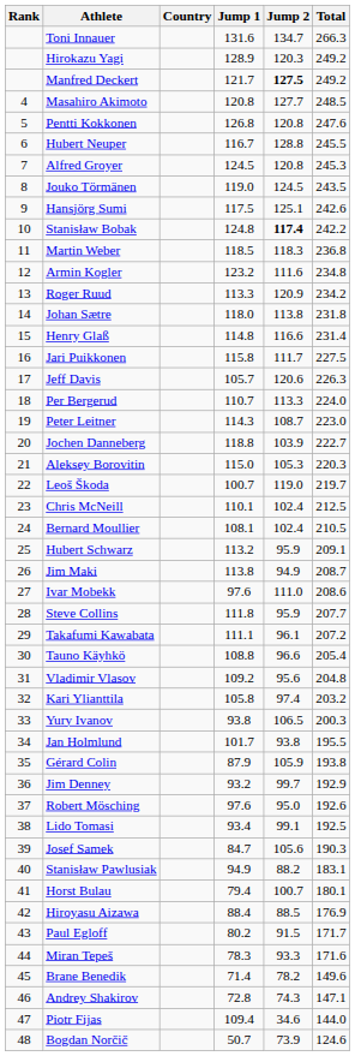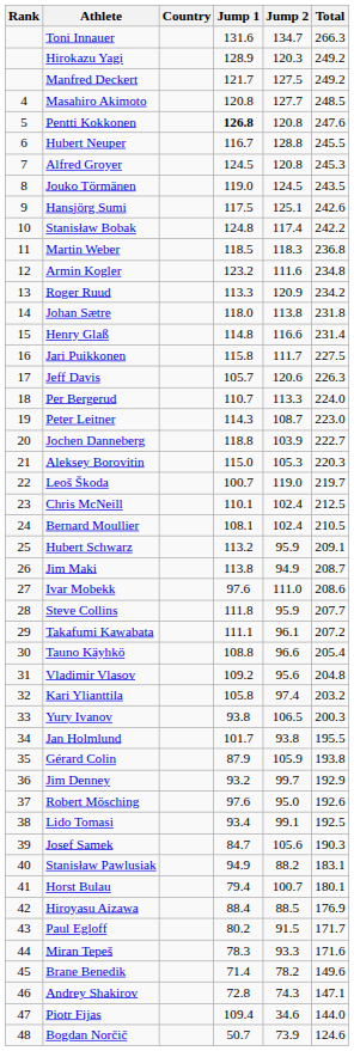 <table class="wikitable sortable" style="text-align:center">
 <tr>
 <th>Rank</th>
 <th>Athlete</th>
 <th>Country</th>
 <th>Jump 1</th>
 <th>Jump 2</th>
 <th>Total</th>
 </tr>
 <tr>
 <td></td>
 <td align=left><a href='#'>Toni Innauer</a></td>
 <td align=left></td>
 <td>131.6</td>
 <td>134.7</td>
 <td>266.3</td>
 </tr>
 <tr>
 <td></td>
 <td align=left><a href='#'>Hirokazu Yagi</a></td>
 <td align=left></td>
 <td>128.9</td>
 <td>120.3</td>
 <td>249.2</td>
 </tr>
 <tr>
 <td></td>
 <td align=left><a href='#'>Manfred Deckert</a></td>
 <td align=left></td>
 <td>121.7</td>
-<td><strong>127.5</strong></td>
+<td>127.5</td>
 <td>249.2</td>
 </tr>
 <tr>
 <td>4</td>
 <td align=left><a href='#'>Masahiro Akimoto</a></td>
 <td align=left></td>
 <td>120.8</td>
 <td>127.7</td>
 <td>248.5</td>
 </tr>
 <tr>
 <td>5</td>
 <td align=left><a href='#'>Pentti Kokkonen</a></td>
 <td align=left></td>
-<td>126.8</td>
+<td><strong>126.8</strong></td>
 <td>120.8</td>
 <td>247.6</td>
 </tr>
 <tr>
 <td>6</td>
 <td align=left><a href='#'>Hubert Neuper</a></td>
 <td align=left></td>
 <td>116.7</td>
 <td>128.8</td>
 <td>245.5</td>
 </tr>
 <tr>
 <td>7</td>
 <td align=left><a href='#'>Alfred Groyer</a></td>
 <td align=left></td>
 <td>124.5</td>
 <td>120.8</td>
 <td>245.3</td>
 </tr>
 <tr>
 <td>8</td>
 <td align=left><a href='#'>Jouko Törmänen</a></td>
 <td align=left></td>
 <td>119.0</td>
 <td>124.5</td>
 <td>243.5</td>
 </tr>
 <tr>
 <td>9</td>
 <td align=left><a href='#'>Hansjörg Sumi</a></td>
 <td align=left></td>
 <td>117.5</td>
 <td>125.1</td>
 <td>242.6</td>
 </tr>
 <tr>
 <td>10</td>
 <td align=left><a href='#'>Stanisław Bobak</a></td>
 <td align=left></td>
 <td>124.8</td>
-<td><strong>117.4</strong></td>
+<td>117.4</td>
 <td>242.2</td>
 </tr>
 <tr>
 <td>11</td>
 <td align=left><a href='#'>Martin Weber</a></td>
 <td align=left></td>
 <td>118.5</td>
 <td>118.3</td>
 <td>236.8</td>
 </tr>
 <tr>
 <td>12</td>
 <td align=left><a href='#'>Armin Kogler</a></td>
 <td align=left></td>
 <td>123.2</td>
 <td>111.6</td>
 <td>234.8</td>
 </tr>
 <tr>
 <td>13</td>
 <td align=left><a href='#'>Roger Ruud</a></td>
 <td align=left></td>
 <td>113.3</td>
 <td>120.9</td>
 <td>234.2</td>
 </tr>
 <tr>
 <td>14</td>
 <td align=left><a href='#'>Johan Sætre</a></td>
 <td align=left></td>
 <td>118.0</td>
 <td>113.8</td>
 <td>231.8</td>
 </tr>
 <tr>
 <td>15</td>
 <td align=left><a href='#'>Henry Glaß</a></td>
 <td align=left></td>
 <td>114.8</td>
 <td>116.6</td>
 <td>231.4</td>
 </tr>
 <tr>
 <td>16</td>
 <td align=left><a href='#'>Jari Puikkonen</a></td>
 <td align=left></td>
 <td>115.8</td>
 <td>111.7</td>
 <td>227.5</td>
 </tr>
 <tr>
 <td>17</td>
 <td align=left><a href='#'>Jeff Davis</a></td>
 <td align=left></td>
 <td>105.7</td>
 <td>120.6</td>
 <td>226.3</td>
 </tr>
 <tr>
 <td>18</td>
 <td align=left><a href='#'>Per Bergerud</a></td>
 <td align=left></td>
 <td>110.7</td>
 <td>113.3</td>
 <td>224.0</td>
 </tr>
 <tr>
 <td>19</td>
 <td align=left><a href='#'>Peter Leitner</a></td>
 <td align=left></td>
 <td>114.3</td>
 <td>108.7</td>
 <td>223.0</td>
 </tr>
 <tr>
 <td>20</td>
 <td align=left><a href='#'>Jochen Danneberg</a></td>
 <td align=left></td>
 <td>118.8</td>
 <td>103.9</td>
 <td>222.7</td>
 </tr>
 <tr>
 <td>21</td>
 <td align=left><a href='#'>Aleksey Borovitin</a></td>
 <td align=left></td>
 <td>115.0</td>
 <td>105.3</td>
 <td>220.3</td>
 </tr>
 <tr>
 <td>22</td>
 <td align=left><a href='#'>Leoš Škoda</a></td>
 <td align=left></td>
 <td>100.7</td>
 <td>119.0</td>
 <td>219.7</td>
 </tr>
 <tr>
 <td>23</td>
 <td align=left><a href='#'>Chris McNeill</a></td>
 <td align=left></td>
 <td>110.1</td>
 <td>102.4</td>
 <td>212.5</td>
 </tr>
 <tr>
 <td>24</td>
 <td align=left><a href='#'>Bernard Moullier</a></td>
 <td align=left></td>
 <td>108.1</td>
 <td>102.4</td>
 <td>210.5</td>
 </tr>
 <tr>
 <td>25</td>
 <td align=left><a href='#'>Hubert Schwarz</a></td>
 <td align=left></td>
 <td>113.2</td>
 <td>95.9</td>
 <td>209.1</td>
 </tr>
 <tr>
 <td>26</td>
 <td align=left><a href='#'>Jim Maki</a></td>
 <td align=left></td>
 <td>113.8</td>
 <td>94.9</td>
 <td>208.7</td>
 </tr>
 <tr>
 <td>27</td>
 <td align=left><a href='#'>Ivar Mobekk</a></td>
 <td align=left></td>
 <td>97.6</td>
 <td>111.0</td>
 <td>208.6</td>
 </tr>
 <tr>
 <td>28</td>
 <td align=left><a href='#'>Steve Collins</a></td>
 <td align=left></td>
 <td>111.8</td>
 <td>95.9</td>
 <td>207.7</td>
 </tr>
 <tr>
 <td>29</td>
 <td align=left><a href='#'>Takafumi Kawabata</a></td>
 <td align=left></td>
 <td>111.1</td>
 <td>96.1</td>
 <td>207.2</td>
 </tr>
 <tr>
 <td>30</td>
 <td align=left><a href='#'>Tauno Käyhkö</a></td>
 <td align=left></td>
 <td>108.8</td>
 <td>96.6</td>
 <td>205.4</td>
 </tr>
 <tr>
 <td>31</td>
 <td align=left><a href='#'>Vladimir Vlasov</a></td>
 <td align=left></td>
 <td>109.2</td>
 <td>95.6</td>
 <td>204.8</td>
 </tr>
 <tr>
 <td>32</td>
 <td align=left><a href='#'>Kari Ylianttila</a></td>
 <td align=left></td>
 <td>105.8</td>
 <td>97.4</td>
 <td>203.2</td>
 </tr>
 <tr>
 <td>33</td>
 <td align=left><a href='#'>Yury Ivanov</a></td>
 <td align=left></td>
 <td>93.8</td>
 <td>106.5</td>
 <td>200.3</td>
 </tr>
 <tr>
 <td>34</td>
 <td align=left><a href='#'>Jan Holmlund</a></td>
 <td align=left></td>
 <td>101.7</td>
 <td>93.8</td>
 <td>195.5</td>
 </tr>
 <tr>
 <td>35</td>
 <td align=left><a href='#'>Gérard Colin</a></td>
 <td align=left></td>
 <td>87.9</td>
 <td>105.9</td>
 <td>193.8</td>
 </tr>
 <tr>
 <td>36</td>
 <td align=left><a href='#'>Jim Denney</a></td>
 <td align=left></td>
 <td>93.2</td>
 <td>99.7</td>
 <td>192.9</td>
 </tr>
 <tr>
 <td>37</td>
 <td align=left><a href='#'>Robert Mösching</a></td>
 <td align=left></td>
 <td>97.6</td>
 <td>95.0</td>
 <td>192.6</td>
 </tr>
 <tr>
 <td>38</td>
 <td align=left><a href='#'>Lido Tomasi</a></td>
 <td align=left></td>
 <td>93.4</td>
 <td>99.1</td>
 <td>192.5</td>
 </tr>
 <tr>
 <td>39</td>
 <td align=left><a href='#'>Josef Samek</a></td>
 <td align=left></td>
 <td>84.7</td>
 <td>105.6</td>
 <td>190.3</td>
 </tr>
 <tr>
 <td>40</td>
 <td align=left><a href='#'>Stanisław Pawlusiak</a></td>
 <td align=left></td>
 <td>94.9</td>
 <td>88.2</td>
 <td>183.1</td>
 </tr>
 <tr>
 <td>41</td>
 <td align=left><a href='#'>Horst Bulau</a></td>
 <td align=left></td>
 <td>79.4</td>
 <td>100.7</td>
 <td>180.1</td>
 </tr>
 <tr>
 <td>42</td>
 <td align=left><a href='#'>Hiroyasu Aizawa</a></td>
 <td align=left></td>
 <td>88.4</td>
 <td>88.5</td>
 <td>176.9</td>
 </tr>
 <tr>
 <td>43</td>
 <td align=left><a href='#'>Paul Egloff</a></td>
 <td align=left></td>
 <td>80.2</td>
 <td>91.5</td>
 <td>171.7</td>
 </tr>
 <tr>
 <td>44</td>
 <td align=left><a href='#'>Miran Tepeš</a></td>
 <td align=left></td>
 <td>78.3</td>
 <td>93.3</td>
 <td>171.6</td>
 </tr>
 <tr>
 <td>45</td>
 <td align=left><a href='#'>Brane Benedik</a></td>
 <td align=left></td>
 <td>71.4</td>
 <td>78.2</td>
 <td>149.6</td>
 </tr>
 <tr>
 <td>46</td>
 <td align=left><a href='#'>Andrey Shakirov</a></td>
 <td align=left></td>
 <td>72.8</td>
 <td>74.3</td>
 <td>147.1</td>
 </tr>
 <tr>
 <td>47</td>
 <td align=left><a href='#'>Piotr Fijas</a></td>
 <td align=left></td>
 <td>109.4</td>
 <td>34.6</td>
 <td>144.0</td>
 </tr>
 <tr>
 <td>48</td>
 <td align=left><a href='#'>Bogdan Norčič</a></td>
 <td align=left></td>
 <td>50.7</td>
 <td>73.9</td>
 <td>124.6</td>
 </tr>
 </table>
